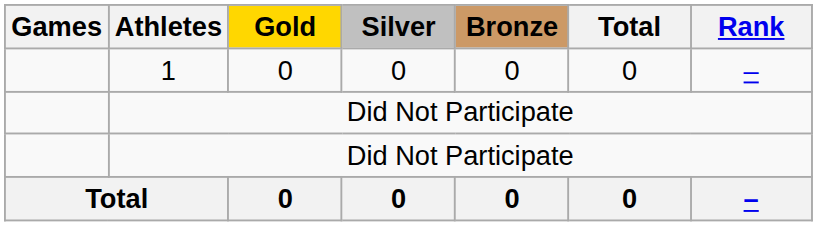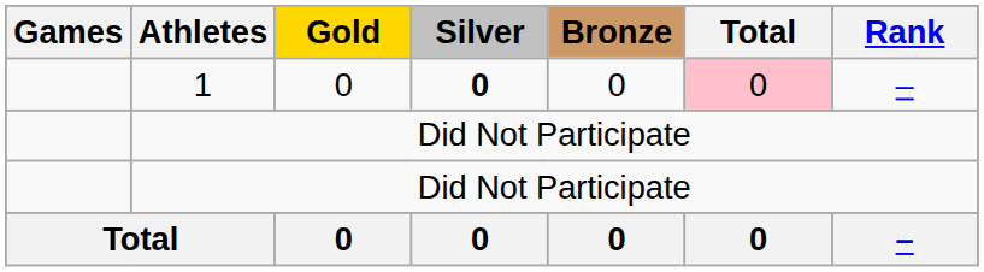 <table class="wikitable" style="text-align:center; font-size:90%;">
 <tr>
 <th>Games</th>
 <th>Athletes</th>
 <td style="background:gold; width:3.7em; font-weight:bold;">Gold</td>
 <td style="background:silver; width:3.7em; font-weight:bold;">Silver</td>
 <td style="background:#cc9966; width:3.7em; font-weight:bold;">Bronze</td>
 <th style="width:4em; font-weight:bold;">Total</th>
 <th style="width:4em; font-weight:bold;"><a href='#'>Rank</a></th>
 </tr>
 <tr>
 <td align=left></td>
 <td>1</td>
 <td>0</td>
+<td><strong>0</strong></td>
 <td>0</td>
-<td>0</td>
-<td>0</td>
+<td style="background: pink;">0</td>
 <td><a href='#'>–</a></td>
 </tr>
 <tr>
 <td align=left></td>
 <td colspan=6; rowspan=1>Did Not Participate</td>
 </tr>
 <tr>
 <td align=left></td>
 <td colspan=6; rowspan=1>Did Not Participate</td>
 </tr>
 <tr>
 <th colspan=2>Total</th>
 <th>0</th>
 <th>0</th>
 <th>0</th>
 <th>0</th>
 <th><a href='#'>–</a></th>
 </tr>
 </table>
